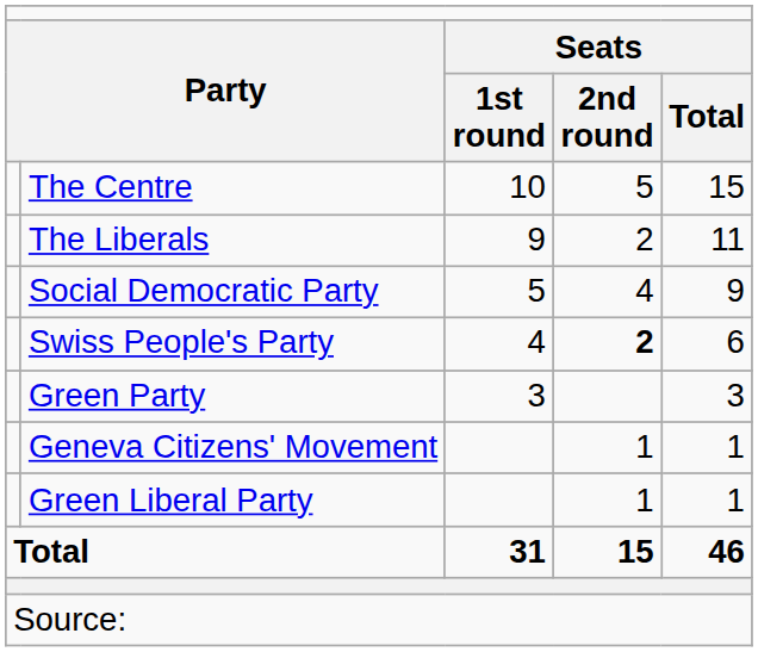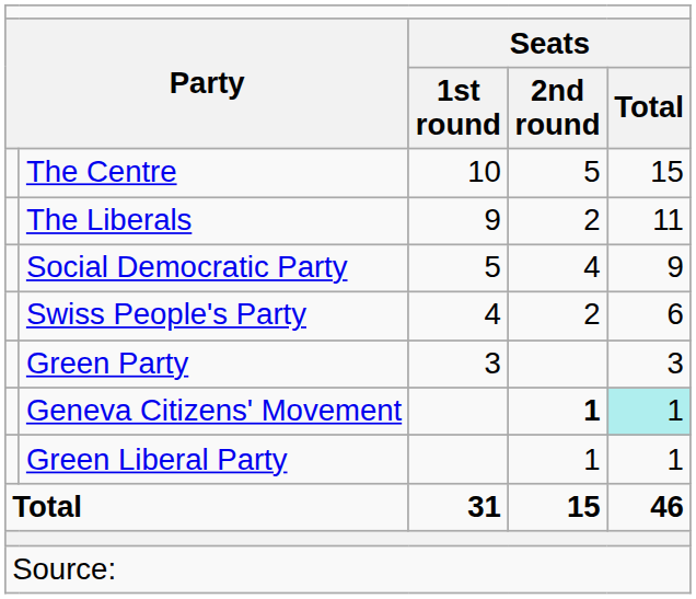 <table class="wikitable sortable">
 <tr>
 <td colspan="5"></td>
 </tr>
 <tr>
 <th colspan="2" rowspan="2">Party</th>
 <th colspan="3">Seats</th>
 </tr>
 <tr>
 <th>1st<br>round</th>
 <th>2nd<br>round</th>
 <th>Total</th>
 </tr>
 <tr>
 <td></td>
 <td><a href='#'>The Centre</a></td>
 <td align="right">10</td>
 <td align="right">5</td>
 <td align="right">15</td>
 </tr>
 <tr>
 <td></td>
 <td><a href='#'>The Liberals</a></td>
 <td align="right">9</td>
 <td align="right">2</td>
 <td align="right">11</td>
 </tr>
 <tr>
 <td></td>
 <td><a href='#'>Social Democratic Party</a></td>
 <td align="right">5</td>
 <td align="right">4</td>
 <td align="right">9</td>
 </tr>
 <tr>
 <td></td>
 <td><a href='#'>Swiss People's Party</a></td>
 <td align="right">4</td>
-<td align="right"><strong>2</strong></td>
+<td align="right">2</td>
 <td align="right">6</td>
 </tr>
 <tr>
 <td></td>
 <td><a href='#'>Green Party</a></td>
 <td align="right">3</td>
 <td align="right"></td>
 <td align="right">3</td>
 </tr>
 <tr>
 <td></td>
 <td><a href='#'>Geneva Citizens' Movement</a></td>
 <td align="right"></td>
-<td align="right">1</td>
-<td align="right">1</td>
+<td align="right"><strong>1</strong></td>
+<td align="right" style="background: paleturquoise;">1</td>
 </tr>
 <tr>
 <td></td>
 <td><a href='#'>Green Liberal Party</a></td>
 <td align="right"></td>
 <td align="right">1</td>
 <td align="right">1</td>
 </tr>
 <tr>
 <td colspan="2"><strong>Total</strong></td>
 <td align="right"><strong>31</strong></td>
 <td align="right"><strong>15</strong></td>
 <td align="right"><strong>46</strong></td>
 </tr>
 <tr>
 <th colspan="5"></th>
 </tr>
 <tr>
 <td colspan="5">Source: </td>
 </tr>
 </table>
